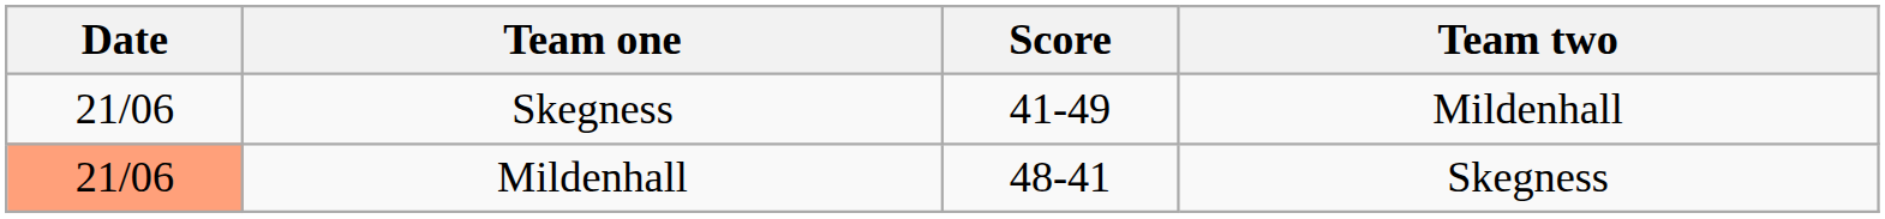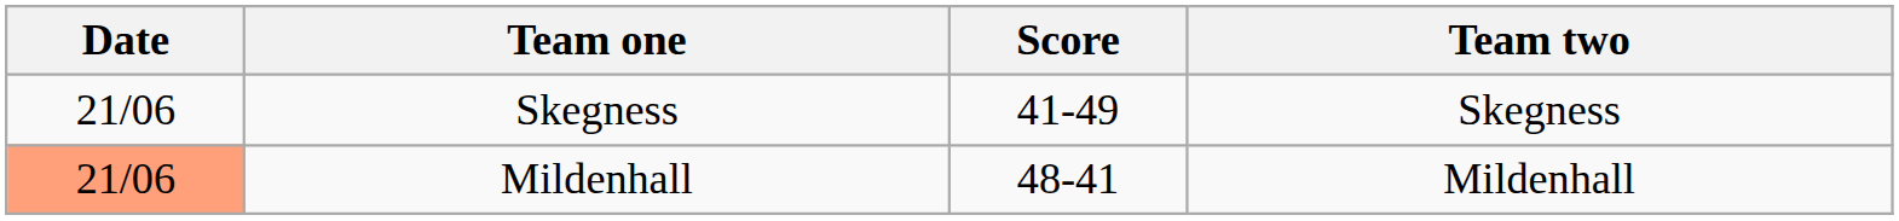 <table class="wikitable" style="text-align: center">
 <tr>
 <th width=80>Date</th>
 <th width=250>Team one</th>
 <th width=80>Score</th>
 <th width=250>Team two</th>
 </tr>
 <tr>
 <td>21/06</td>
 <td>Skegness</td>
 <td>41-49</td>
-<td>Mildenhall</td>
+<td>Skegness</td>
 </tr>
 <tr>
 <td style="background: lightsalmon;">21/06</td>
 <td>Mildenhall</td>
 <td>48-41</td>
-<td>Skegness</td>
+<td>Mildenhall</td>
 </tr>
 </table>
